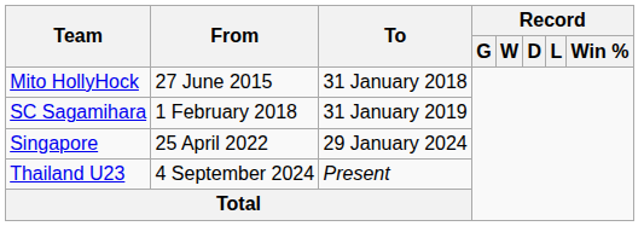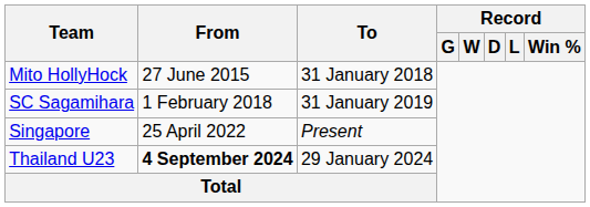 <table class=wikitable style="text-align: center">
 <tr>
 <th rowspan="2">Team</th>
 <th rowspan="2">From</th>
 <th rowspan="2">To</th>
 <th colspan="5">Record</th>
 </tr>
 <tr>
 <th>G</th>
 <th>W</th>
 <th>D</th>
 <th>L</th>
 <th>Win %</th>
 </tr>
 <tr>
 <td align="left"><a href='#'>Mito HollyHock</a></td>
 <td align="left">27 June 2015</td>
 <td align="left">31 January 2018<br></td>
 </tr>
 <tr>
 <td align="left"><a href='#'>SC Sagamihara</a></td>
 <td align="left">1 February 2018</td>
 <td align="left">31 January 2019<br></td>
 </tr>
 <tr>
 <td align="left"><a href='#'>Singapore</a></td>
 <td align="left">25 April 2022</td>
-<td align="left">29 January 2024<br></td>
+<td align="left"><em>Present</em><br></td>
 </tr>
 <tr>
 <td align="left"><a href='#'>Thailand U23</a></td>
-<td align="left">4 September 2024</td>
-<td align="left"><em>Present</em><br></td>
+<td align="left"><strong>4 September 2024</strong></td>
+<td align="left">29 January 2024<br></td>
 </tr>
 <tr>
 <th colspan="3">Total<br></th>
 </tr>
 </table>
